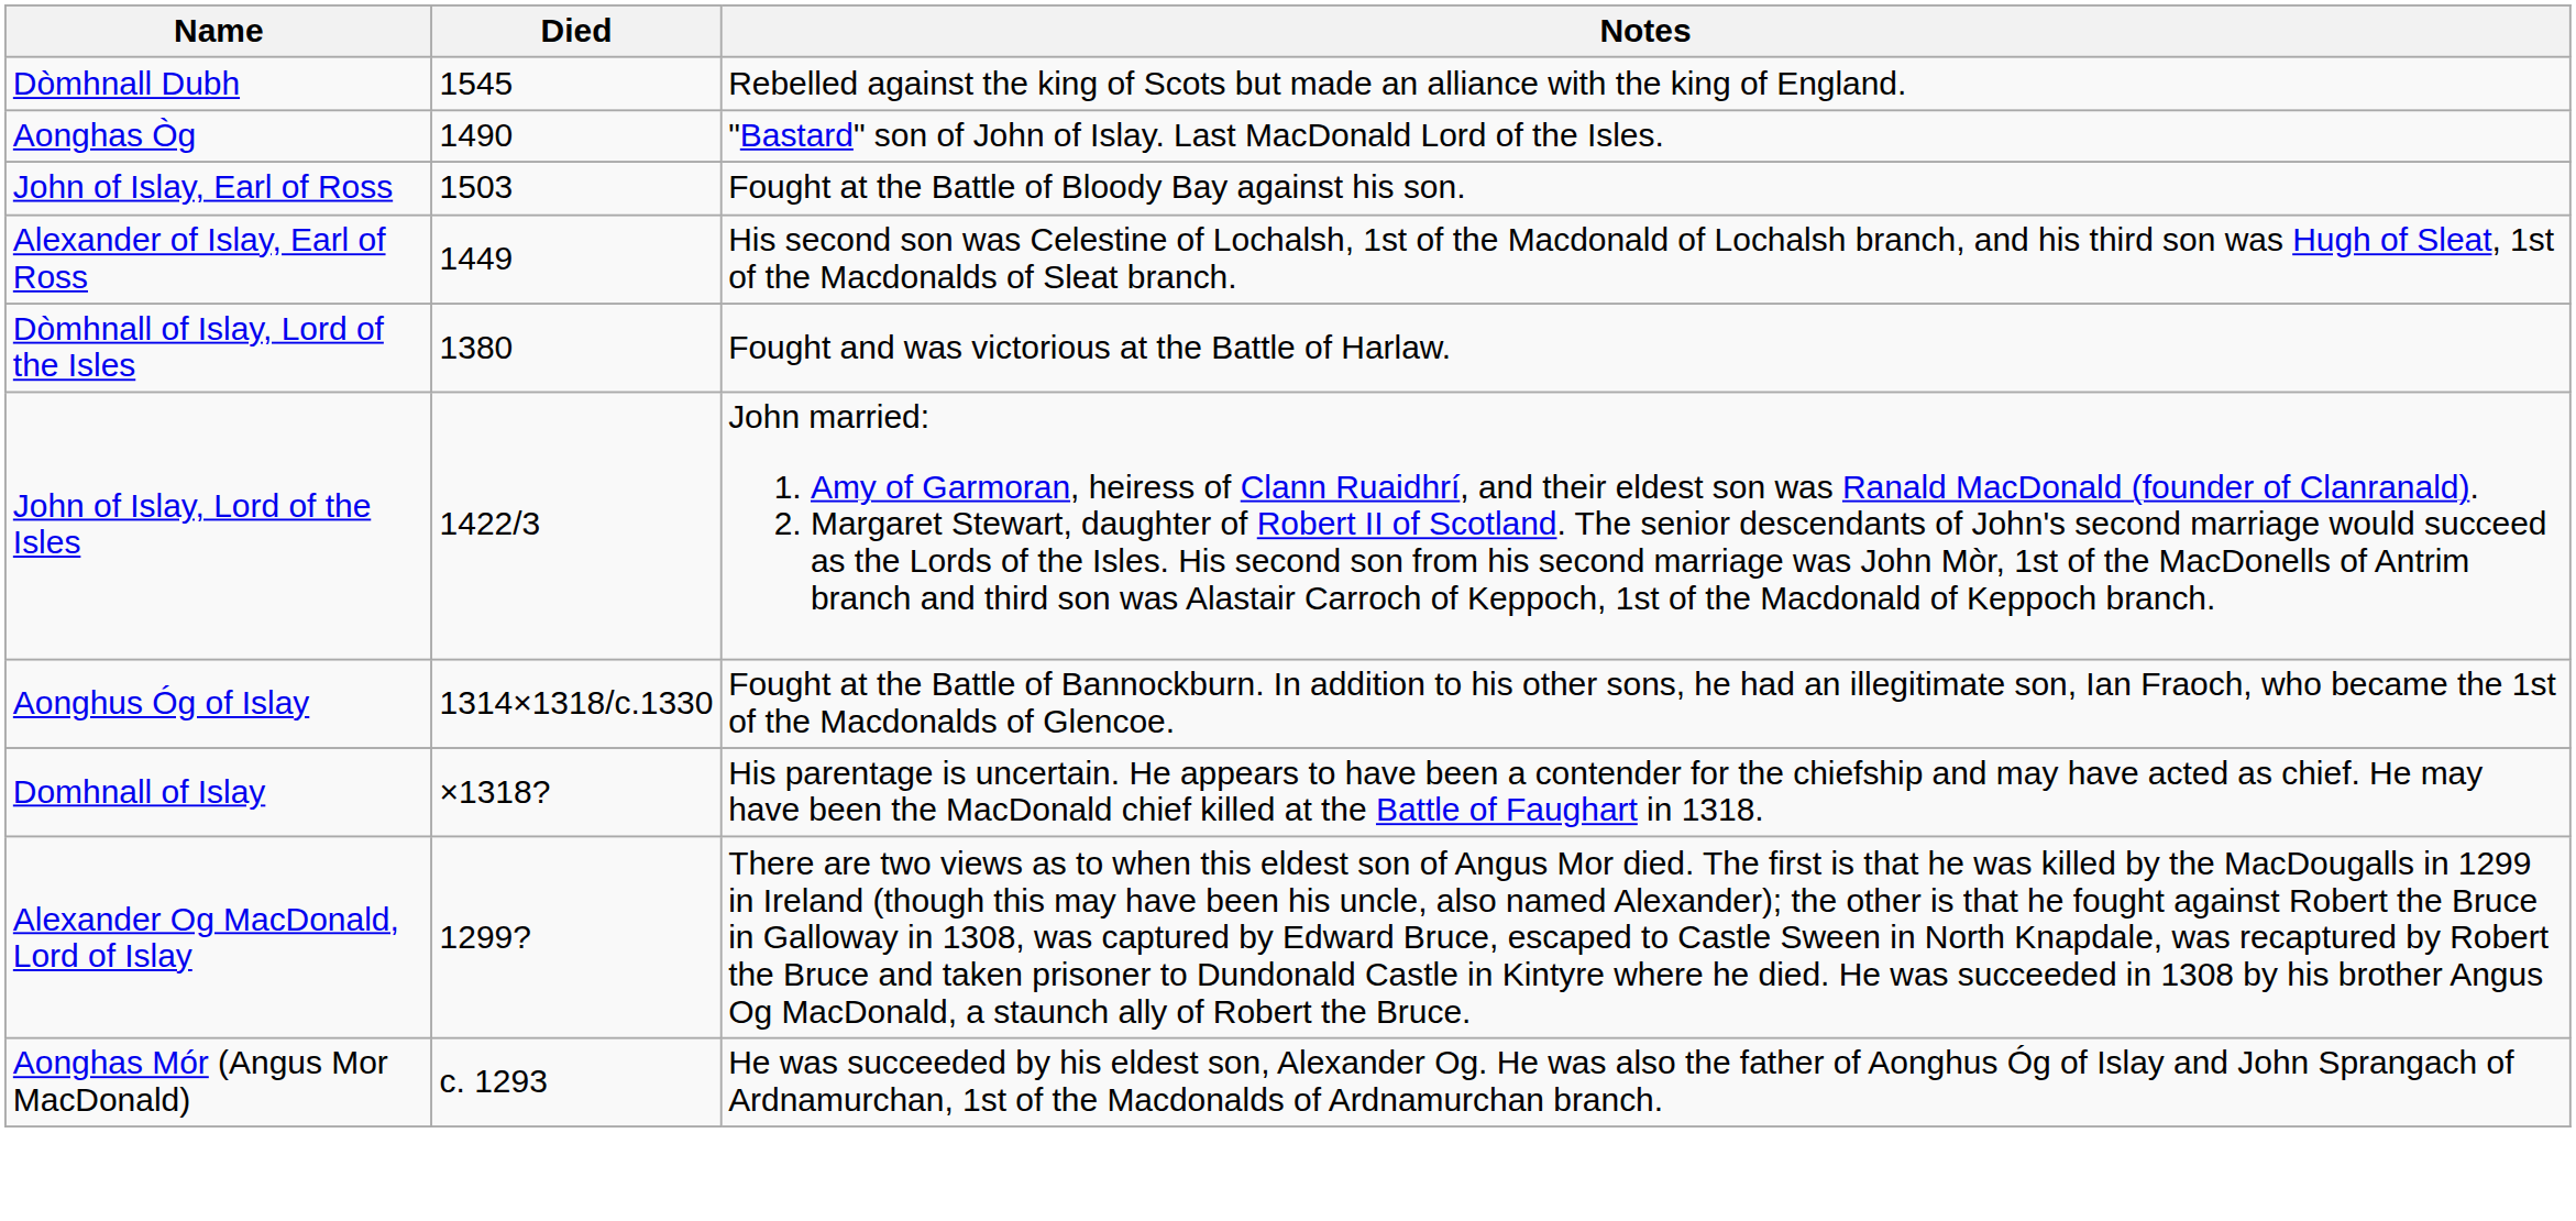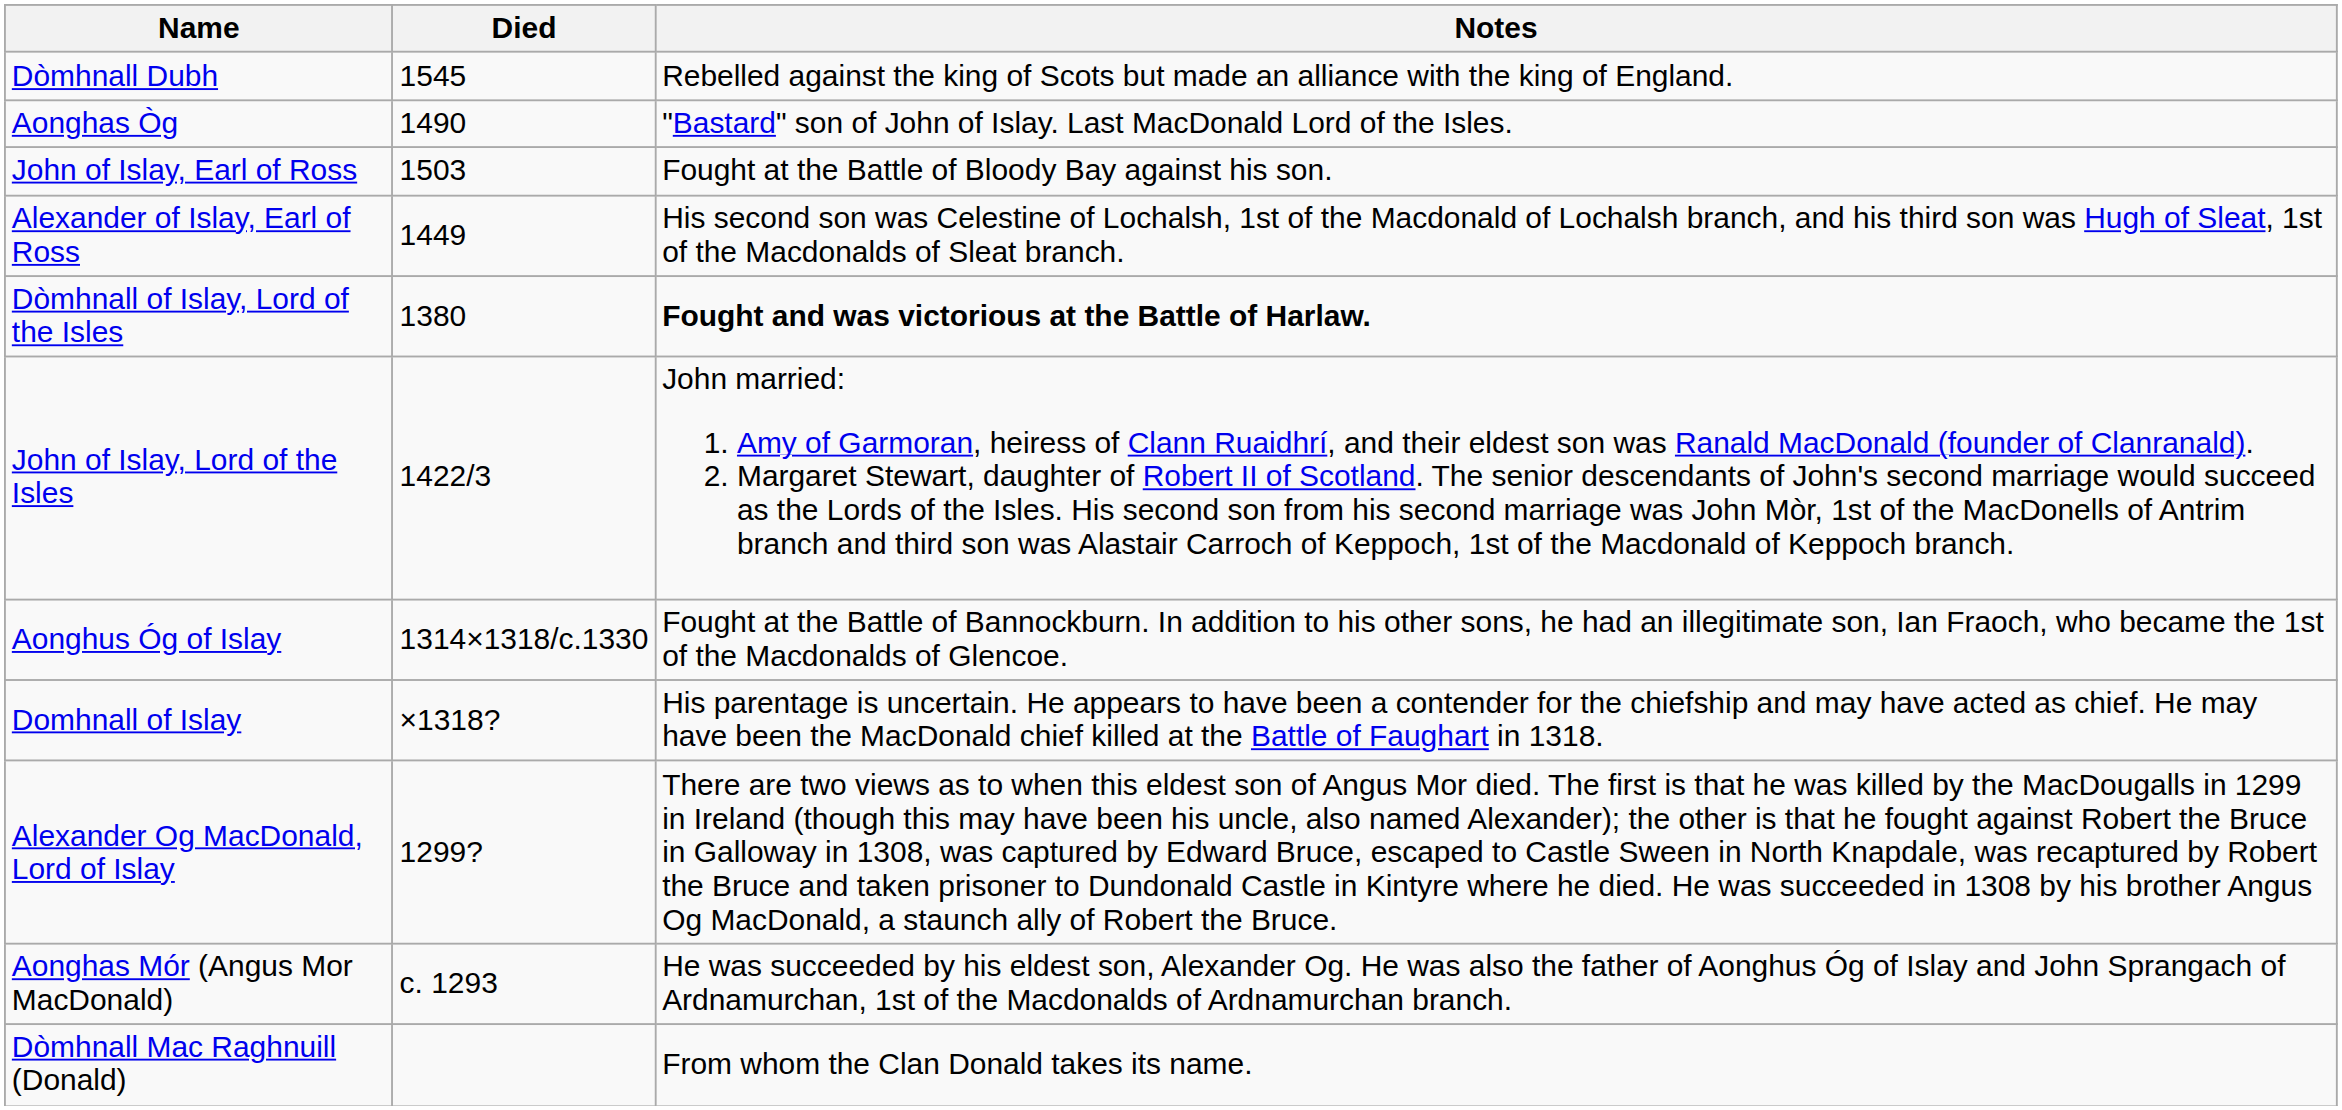 <table class="wikitable">
 <tr>
 <th width=200>Name</th>
 <th width=70>Died</th>
 <th>Notes</th>
 </tr>
 <tr>
 <td><a href='#'>Dòmhnall Dubh</a></td>
 <td>1545</td>
 <td>Rebelled against the king of Scots but made an alliance with the king of England.</td>
 </tr>
 <tr>
 <td><a href='#'>Aonghas Òg</a></td>
 <td>1490</td>
 <td>"<a href='#'>Bastard</a>" son of John of Islay. Last MacDonald Lord of the Isles.</td>
 </tr>
 <tr>
 <td><a href='#'>John of Islay, Earl of Ross</a></td>
 <td>1503</td>
 <td>Fought at the Battle of Bloody Bay against his son.</td>
 </tr>
 <tr>
 <td><a href='#'>Alexander of Islay, Earl of Ross</a></td>
 <td>1449</td>
 <td>His second son was Celestine of Lochalsh, 1st of the Macdonald of Lochalsh branch, and his third son was <a href='#'>Hugh of Sleat</a>, 1st of the Macdonalds of Sleat branch.</td>
 </tr>
 <tr>
 <td><a href='#'>Dòmhnall of Islay, Lord of the Isles</a></td>
 <td>1380</td>
-<td>Fought and was victorious at the Battle of Harlaw.</td>
+<td><strong>Fought and was victorious at the Battle of Harlaw.</strong></td>
 </tr>
 <tr>
 <td><a href='#'>John of Islay, Lord of the Isles</a></td>
 <td>1422/3</td>
 <td>John married:<br><ol><li><a href='#'>Amy of Garmoran</a>, heiress of <a href='#'>Clann Ruaidhrí</a>, and their eldest son was <a href='#'>Ranald MacDonald (founder of Clanranald)</a>.</li><li>Margaret Stewart, daughter of <a href='#'>Robert II of Scotland</a>. The senior descendants of John's second marriage would succeed as the Lords of the Isles. His second son from his second marriage was John Mòr, 1st of the MacDonells of Antrim branch and third son was Alastair Carroch of Keppoch, 1st of the Macdonald of Keppoch branch.</li></ol></td>
 </tr>
 <tr>
 <td><a href='#'>Aonghus Óg of Islay</a></td>
 <td>1314×1318/c.1330</td>
 <td>Fought at the Battle of Bannockburn. In addition to his other sons, he had an illegitimate son, Ian Fraoch, who became the 1st of the Macdonalds of Glencoe.</td>
 </tr>
 <tr>
 <td><a href='#'>Domhnall of Islay</a></td>
 <td>×1318?</td>
 <td>His parentage is uncertain. He appears to have been a contender for the chiefship and may have acted as chief. He may have been the MacDonald chief killed at the <a href='#'>Battle of Faughart</a> in 1318.</td>
 </tr>
 <tr>
 <td><a href='#'>Alexander Og MacDonald, Lord of Islay</a></td>
 <td>1299?</td>
 <td>There are two views as to when this eldest son of Angus Mor died. The first is that he was killed by the MacDougalls in 1299 in Ireland (though this may have been his uncle, also named Alexander); the other is that he fought against Robert the Bruce in Galloway in 1308, was captured by Edward Bruce, escaped to Castle Sween in North Knapdale, was recaptured by Robert the Bruce and taken prisoner to Dundonald Castle in Kintyre where he died. He was succeeded in 1308 by his brother Angus Og MacDonald, a staunch ally of Robert the Bruce.</td>
 </tr>
 <tr>
 <td><a href='#'>Aonghas Mór</a> (Angus Mor MacDonald)</td>
 <td>c. 1293</td>
 <td>He was succeeded by his eldest son, Alexander Og. He was also the father of Aonghus Óg of Islay and John Sprangach of Ardnamurchan, 1st of the Macdonalds of Ardnamurchan branch.</td>
 </tr>
+<tr>
+<td><a href='#'>Dòmhnall Mac Raghnuill</a> (Donald)</td>
+<td></td>
+<td>From whom the Clan Donald takes its name.</td>
+</tr>
 </table>
